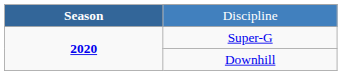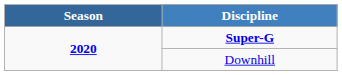 <table class="wikitable"  style="font-size:95%; text-align:center; border:gray solid 1px; width:30%;">
 <tr style="background:#369; color:white;">
 <td rowspan="2" style="width:10%;"><strong>Season</strong></td>
 </tr>
 <tr style="background:#4180be; color:white;">
-<td style="width:10%;">Discipline</td>
+<td style="width:10%;"><strong>Discipline</strong></td>
 </tr>
 <tr>
 <td rowspan="2"><strong><a href='#'>2020</a></strong></td>
-<td><a href='#'>Super-G</a></td>
+<td><strong><a href='#'>Super-G</a></strong></td>
 </tr>
 <tr>
 <td><a href='#'>Downhill</a></td>
 </tr>
 </table>
